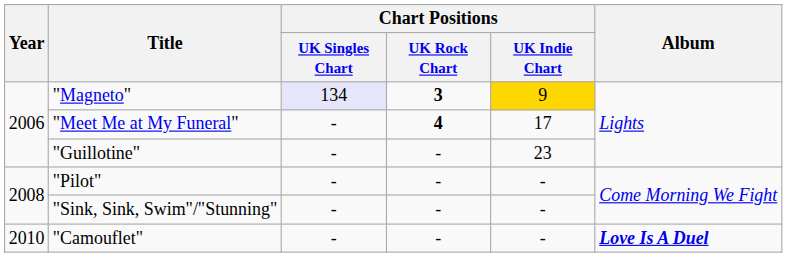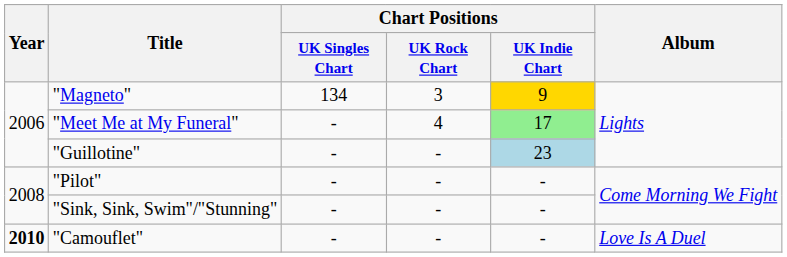 <table class="wikitable">
 <tr>
 <th rowspan="2">Year</th>
 <th rowspan="2">Title</th>
 <th colspan="3">Chart Positions</th>
 <th rowspan="2">Album</th>
 </tr>
 <tr>
 <th style="width:86px;"><small><a href='#'>UK Singles Chart</a></small></th>
 <th style="width:86px;"><small><a href='#'>UK Rock Chart</a></small></th>
 <th style="width:86px;"><small><a href='#'>UK Indie Chart</a></small></th>
 </tr>
 <tr>
 <td rowspan="3">2006</td>
 <td>"<a href='#'>Magneto</a>"</td>
-<td style="background: lavender; text-align:center;">134</td>
-<td style="text-align:center;"><strong>3</strong></td>
+<td style="text-align:center;">134</td>
+<td style="text-align:center;">3</td>
 <td style="background: gold; text-align:center;">9</td>
 <td rowspan="3"><em><a href='#'>Lights</a></em></td>
 </tr>
 <tr>
 <td>"<a href='#'>Meet Me at My Funeral</a>"</td>
 <td style="text-align:center;">-</td>
-<td style="text-align:center;"><strong>4</strong></td>
-<td style="text-align:center;">17</td>
+<td style="text-align:center;">4</td>
+<td style="background: lightgreen; text-align:center;">17</td>
 </tr>
 <tr>
 <td>"Guillotine"</td>
 <td style="text-align:center;">-</td>
 <td style="text-align:center;">-</td>
-<td style="text-align:center;">23</td>
+<td style="background: lightblue; text-align:center;">23</td>
 </tr>
 <tr>
 <td rowspan="2">2008</td>
 <td>"Pilot"</td>
 <td style="text-align:center;">-</td>
 <td style="text-align:center;">-</td>
 <td style="text-align:center;">-</td>
 <td rowspan="2"><em><a href='#'>Come Morning We Fight</a></em></td>
 </tr>
 <tr>
 <td>"Sink, Sink, Swim"/"Stunning"</td>
 <td style="text-align:center;">-</td>
 <td style="text-align:center;">-</td>
 <td style="text-align:center;">-</td>
 </tr>
 <tr>
-<td rowspan="1">2010</td>
+<td rowspan="1"><strong>2010</strong></td>
 <td>"Camouflet"</td>
 <td style="text-align:center;">-</td>
 <td style="text-align:center;">-</td>
 <td style="text-align:center;">-</td>
-<td rowspan="1"><strong><em><a href='#'>Love Is A Duel</a></em></strong></td>
+<td rowspan="1"><em><a href='#'>Love Is A Duel</a></em></td>
 </tr>
 </table>
